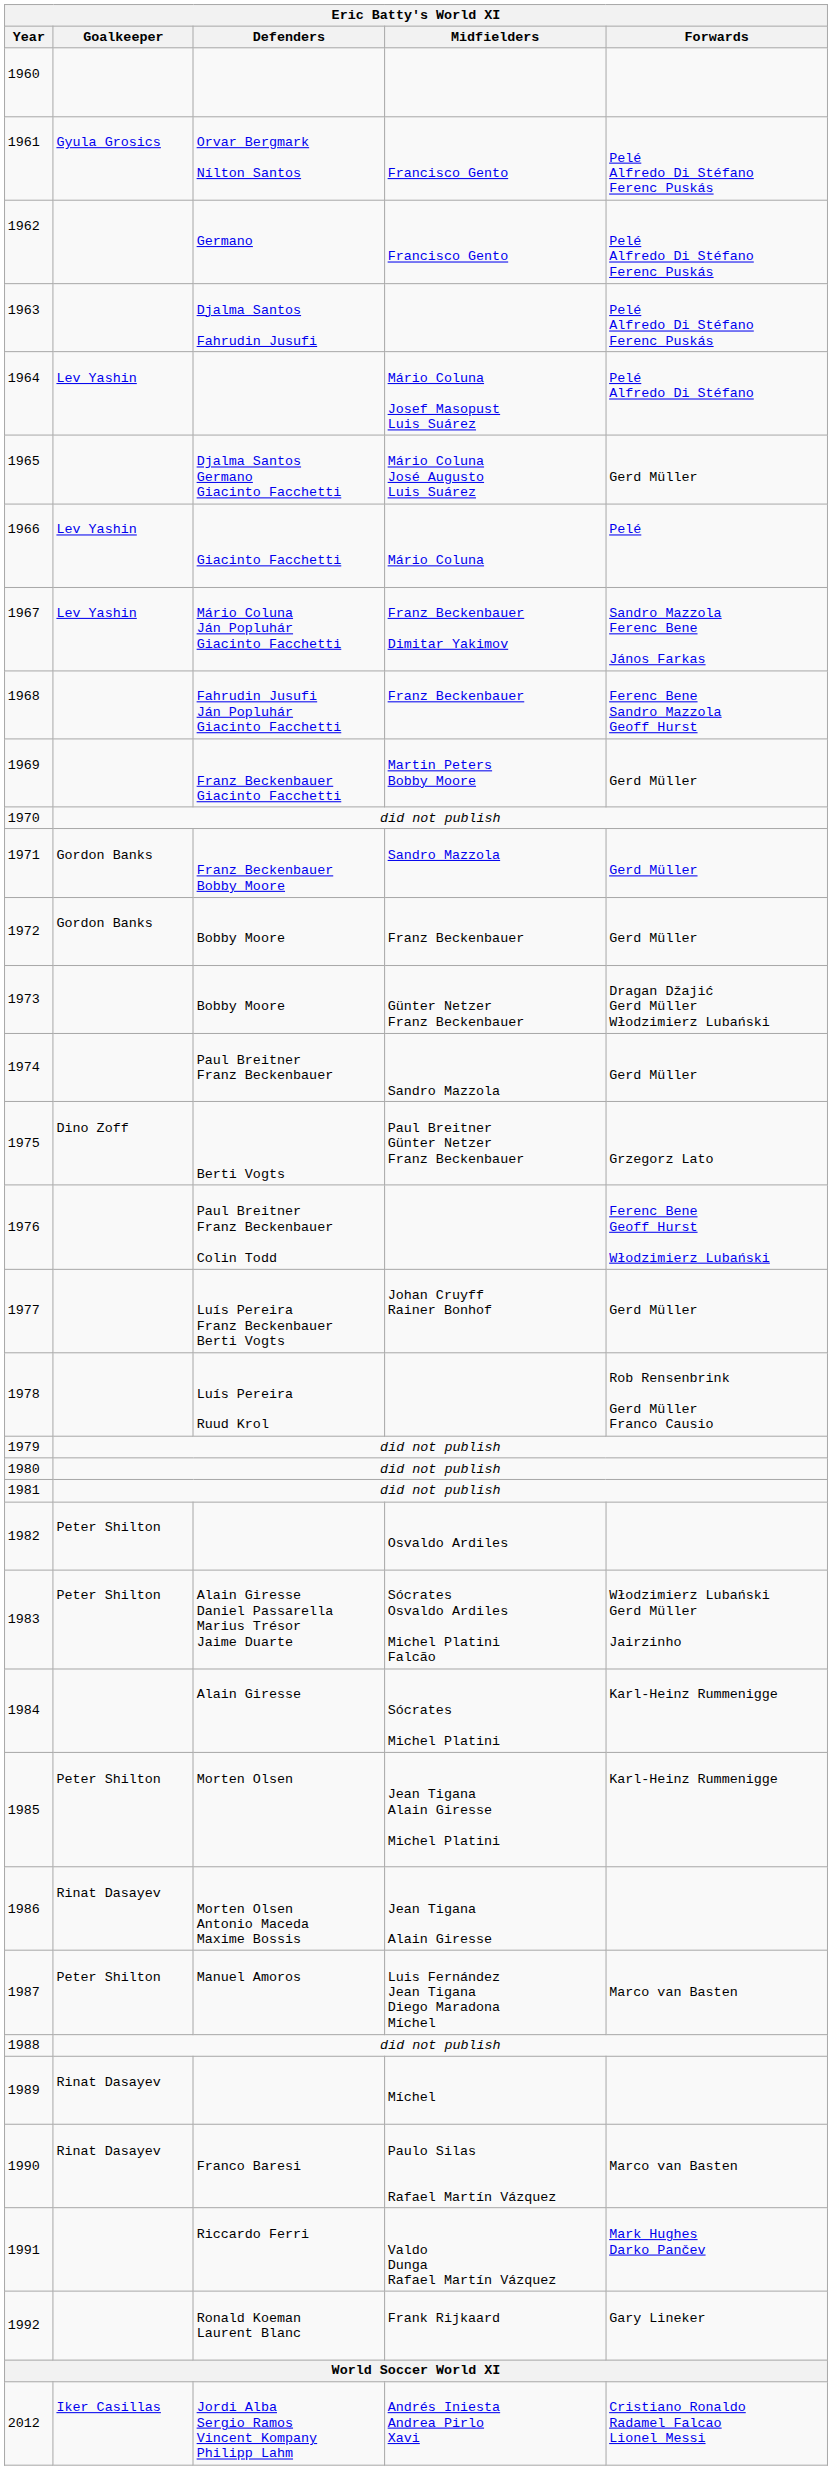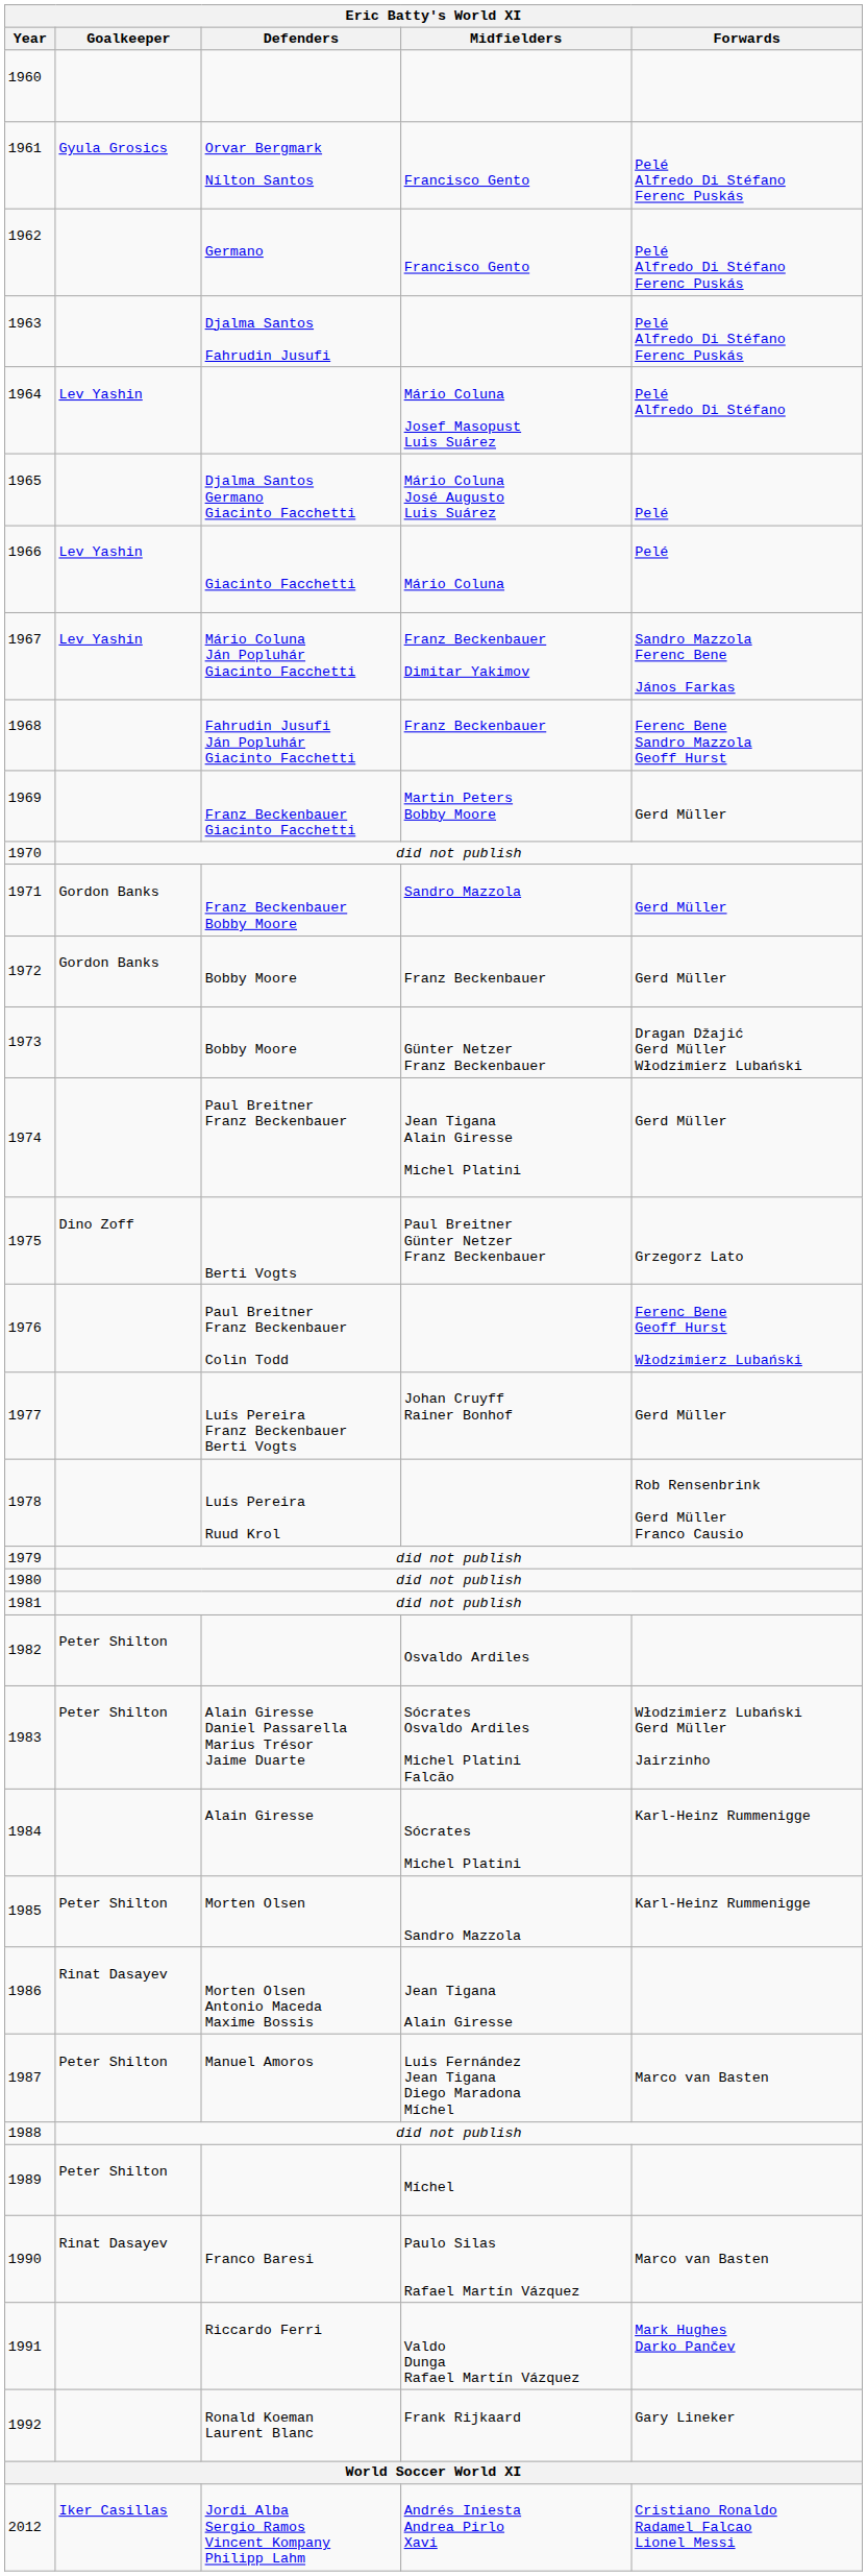 <table class="wikitable" width="800">
 <tr>
 <th colspan="5">Eric Batty's World XI</th>
 </tr>
 <tr>
 <th>Year</th>
 <th>Goalkeeper</th>
 <th>Defenders</th>
 <th>Midfielders</th>
 <th>Forwards</th>
 </tr>
 <tr>
 <td style="vertical-align:top"><br>1960</td>
 <td style="vertical-align:top"><br></td>
 <td style="vertical-align:top"><br><br> <br> </td>
 <td style="vertical-align:top"><br><br> <br> <br> </td>
 <td style="vertical-align:top"><br><br> <br> <br></td>
 </tr>
 <tr>
 <td style="vertical-align:top"><br>1961</td>
 <td style="vertical-align:top"><br> <a href='#'>Gyula Grosics</a></td>
 <td style="vertical-align:top"><br> <a href='#'>Orvar Bergmark</a><br> <br>  <a href='#'>Nílton Santos</a></td>
 <td style="vertical-align:top"><br><br> <br>  <a href='#'>Francisco Gento</a></td>
 <td style="vertical-align:top"><br><br>  <a href='#'>Pelé</a><br>  <a href='#'>Alfredo Di Stéfano</a><br>  <a href='#'>Ferenc Puskás</a><br></td>
 </tr>
 <tr>
 <td style="vertical-align:top"><br>1962</td>
 <td style="vertical-align:top"><br></td>
 <td style="vertical-align:top"><br><br>  <a href='#'>Germano</a><br> </td>
 <td style="vertical-align:top"><br><br> <br>  <a href='#'>Francisco Gento</a></td>
 <td style="vertical-align:top"><br><br>  <a href='#'>Pelé</a><br>  <a href='#'>Alfredo Di Stéfano</a><br>  <a href='#'>Ferenc Puskás</a><br></td>
 </tr>
 <tr>
 <td style="vertical-align:top"><br>1963</td>
 <td style="vertical-align:top"><br></td>
 <td style="vertical-align:top"><br> <a href='#'>Djalma Santos</a><br> <br>  <a href='#'>Fahrudin Jusufi</a></td>
 <td style="vertical-align:top"><br><br> <br> <br> </td>
 <td style="vertical-align:top"><br> <a href='#'>Pelé</a><br>  <a href='#'>Alfredo Di Stéfano</a><br>  <a href='#'>Ferenc Puskás</a><br></td>
 </tr>
 <tr>
 <td style="vertical-align:top"><br>1964</td>
 <td style="vertical-align:top"><br> <a href='#'>Lev Yashin</a></td>
 <td style="vertical-align:top"><br><br> <br> </td>
 <td style="vertical-align:top"><br> <a href='#'>Mário Coluna</a><br> <br>  <a href='#'>Josef Masopust</a><br>  <a href='#'>Luis Suárez</a><br></td>
 <td style="vertical-align:top"><br> <a href='#'>Pelé</a><br>  <a href='#'>Alfredo Di Stéfano</a><br> <br></td>
 </tr>
 <tr>
 <td style="vertical-align:top"><br>1965</td>
 <td style="vertical-align:top"><br></td>
 <td style="vertical-align:top"><br> <a href='#'>Djalma Santos</a><br>  <a href='#'>Germano</a><br>  <a href='#'>Giacinto Facchetti</a><br> </td>
 <td style="vertical-align:top"><br> <a href='#'>Mário Coluna</a><br>  <a href='#'>José Augusto</a><br>  <a href='#'>Luis Suárez</a> <br></td>
-<td style="vertical-align:top"><br><br>  Gerd Müller<br> </td>
+<td style="vertical-align:top"><br><br> <br>  <a href='#'>Pelé</a></td>
 </tr>
 <tr>
 <td style="vertical-align:top"><br>1966</td>
 <td style="vertical-align:top"><br> <a href='#'>Lev Yashin</a></td>
 <td style="vertical-align:top"><br><br> <br>  <a href='#'>Giacinto Facchetti</a></td>
 <td style="vertical-align:top"><br><br> <br>  <a href='#'>Mário Coluna</a><br> <br></td>
 <td style="vertical-align:top"><br> <a href='#'>Pelé</a><br> <br> <br></td>
 </tr>
 <tr>
 <td style="vertical-align:top"><br>1967</td>
 <td style="vertical-align:top"><br> <a href='#'>Lev Yashin</a></td>
 <td style="vertical-align:top"><br> <a href='#'>Mário Coluna</a><br>  <a href='#'>Ján Popluhár</a><br>  <a href='#'>Giacinto Facchetti</a><br></td>
 <td style="vertical-align:top"><br> <a href='#'>Franz Beckenbauer</a><br> <br>  <a href='#'>Dimitar Yakimov</a></td>
 <td style="vertical-align:top"><br> <a href='#'>Sandro Mazzola</a><br>  <a href='#'>Ferenc Bene</a><br> <br>  <a href='#'>János Farkas</a><br></td>
 </tr>
 <tr>
 <td style="vertical-align:top"><br>1968</td>
 <td style="vertical-align:top"><br></td>
 <td style="vertical-align:top"><br> <a href='#'>Fahrudin Jusufi</a><br>  <a href='#'>Ján Popluhár</a><br>  <a href='#'>Giacinto Facchetti</a></td>
 <td style="vertical-align:top"><br> <a href='#'>Franz Beckenbauer</a><br> <br> </td>
 <td style="vertical-align:top"><br> <a href='#'>Ferenc Bene</a><br>  <a href='#'>Sandro Mazzola</a><br>  <a href='#'>Geoff Hurst</a><br> </td>
 </tr>
 <tr>
 <td style="vertical-align:top"><br>1969</td>
 <td style="vertical-align:top"><br></td>
 <td style="vertical-align:top"><br><br>  <a href='#'>Franz Beckenbauer</a><br>  <a href='#'>Giacinto Facchetti</a></td>
 <td style="vertical-align:top"><br> <a href='#'>Martin Peters</a><br>  <a href='#'>Bobby Moore</a><br> </td>
 <td style="vertical-align:top"><br><br>  Gerd Müller<br> </td>
 </tr>
 <tr>
 <td>1970</td>
 <td colspan="4" style="text-align:center"><em>did not publish</em></td>
 </tr>
 <tr>
 <td style="vertical-align:top"><br>1971</td>
 <td style="vertical-align:top"><br> Gordon Banks</td>
 <td style="vertical-align:top"><br><br>  <a href='#'>Franz Beckenbauer</a><br>  <a href='#'>Bobby Moore</a><br> </td>
 <td style="vertical-align:top"><br> <a href='#'>Sandro Mazzola</a><br> <br> </td>
 <td style="vertical-align:top"><br><br>  <a href='#'>Gerd Müller</a><br> </td>
 </tr>
 <tr>
 <td>1972</td>
 <td style="vertical-align:top"><br> Gordon Banks</td>
 <td style="vertical-align:top"><br><br>  Bobby Moore<br> <br> </td>
 <td style="vertical-align:top"><br><br>  Franz Beckenbauer</td>
 <td style="vertical-align:top"><br><br>  Gerd Müller<br> </td>
 </tr>
 <tr>
 <td>1973</td>
 <td style="vertical-align:top"><br></td>
 <td style="vertical-align:top"><br><br>  Bobby Moore<br> <br> </td>
 <td style="vertical-align:top"><br><br>  Günter Netzer<br>  Franz Beckenbauer</td>
 <td style="vertical-align:top"><br> Dragan Džajić<br>  Gerd Müller<br>  Włodzimierz Lubański</td>
 </tr>
 <tr>
 <td>1974</td>
 <td style="vertical-align:top"><br></td>
 <td style="vertical-align:top"><br> Paul Breitner<br>  Franz Beckenbauer<br> <br> </td>
-<td style="vertical-align:top"><br><br> <br>  Sandro Mazzola</td>
+<td style="vertical-align:top"><br><br>  Jean Tigana<br>  Alain Giresse<br> <br>  Michel Platini<br> <br> </td>
 <td style="vertical-align:top"><br><br>  Gerd Müller<br> </td>
 </tr>
 <tr>
 <td>1975</td>
 <td style="vertical-align:top"><br> Dino Zoff</td>
 <td style="vertical-align:top"><br><br> <br> <br>  Berti Vogts</td>
 <td style="vertical-align:top"><br> Paul Breitner<br>  Günter Netzer<br>  Franz Beckenbauer</td>
 <td style="vertical-align:top"><br><br> <br>  Grzegorz Lato</td>
 </tr>
 <tr>
 <td>1976</td>
 <td style="vertical-align:top"><br></td>
 <td style="vertical-align:top"><br> Paul Breitner<br>  Franz Beckenbauer<br> <br>  Colin Todd</td>
 <td style="vertical-align:top"><br><br> <br> </td>
 <td style="vertical-align:top"><br> <a href='#'>Ferenc Bene</a><br>  <a href='#'>Geoff Hurst</a><br> <br>  <a href='#'>Włodzimierz Lubański</a></td>
 </tr>
 <tr>
 <td>1977</td>
 <td style="vertical-align:top"><br></td>
 <td style="vertical-align:top"><br><br>  Luís Pereira<br>  Franz Beckenbauer<br>  Berti Vogts</td>
 <td style="vertical-align:top"><br> Johan Cruyff<br>  Rainer Bonhof<br> </td>
 <td style="vertical-align:top"><br><br>  Gerd Müller<br> </td>
 </tr>
 <tr>
 <td>1978</td>
 <td style="vertical-align:top"><br></td>
 <td style="vertical-align:top"><br><br>  Luís Pereira<br> <br>  Ruud Krol</td>
 <td style="vertical-align:top"><br><br> </td>
 <td style="vertical-align:top"><br> Rob Rensenbrink<br> <br>  Gerd Müller<br>  Franco Causio</td>
 </tr>
 <tr>
 <td>1979</td>
 <td colspan="4" style="text-align:center"><em>did not publish</em></td>
 </tr>
 <tr>
 <td>1980</td>
 <td colspan="4" style="text-align:center"><em>did not publish</em></td>
 </tr>
 <tr>
 <td>1981</td>
 <td colspan="4" style="text-align:center"><em>did not publish</em></td>
 </tr>
 <tr>
 <td>1982</td>
 <td style="vertical-align:top"><br> Peter Shilton</td>
 <td style="vertical-align:top"><br><br> <br> <br> </td>
 <td style="vertical-align:top"><br><br>  Osvaldo Ardiles<br> <br> </td>
 <td style="vertical-align:top"><br><br> </td>
 </tr>
 <tr>
 <td>1983</td>
 <td style="vertical-align:top"><br> Peter Shilton</td>
 <td style="vertical-align:top"><br> Alain Giresse<br>  Daniel Passarella<br>  Marius Trésor<br>  Jaime Duarte</td>
 <td style="vertical-align:top"><br> Sócrates<br>  Osvaldo Ardiles<br> <br>  Michel Platini<br>  Falcão</td>
 <td style="vertical-align:top"><br> Włodzimierz Lubański<br>  Gerd Müller<br> <br>  Jairzinho</td>
 </tr>
 <tr>
 <td>1984</td>
 <td style="vertical-align:top"><br></td>
 <td style="vertical-align:top"><br> Alain Giresse<br> <br> </td>
 <td style="vertical-align:top"><br><br>  Sócrates<br> <br>  Michel Platini<br> </td>
 <td style="vertical-align:top"><br> Karl-Heinz Rummenigge<br> </td>
 </tr>
 <tr>
 <td>1985</td>
 <td style="vertical-align:top"><br> Peter Shilton</td>
 <td style="vertical-align:top"><br> Morten Olsen<br> </td>
-<td style="vertical-align:top"><br><br>  Jean Tigana<br>  Alain Giresse<br> <br>  Michel Platini<br> <br> </td>
+<td style="vertical-align:top"><br><br> <br>  Sandro Mazzola</td>
 <td style="vertical-align:top"><br> Karl-Heinz Rummenigge</td>
 </tr>
 <tr>
 <td>1986</td>
 <td style="vertical-align:top"><br> Rinat Dasayev</td>
 <td style="vertical-align:top"><br><br>  Morten Olsen<br>  Antonio Maceda<br>  Maxime Bossis</td>
 <td style="vertical-align:top"><br><br>  Jean Tigana<br> <br>  Alain Giresse<br> </td>
 <td style="vertical-align:top"><br></td>
 </tr>
 <tr>
 <td>1987</td>
 <td style="vertical-align:top"><br> Peter Shilton</td>
 <td style="vertical-align:top"><br> Manuel Amoros<br> <br> <br> </td>
 <td style="vertical-align:top"><br> Luis Fernández<br>  Jean Tigana<br>  Diego Maradona<br>  Míchel</td>
 <td style="vertical-align:top"><br><br>  Marco van Basten<br> </td>
 </tr>
 <tr>
 <td>1988</td>
 <td colspan="4" style="text-align:center"><em>did not publish</em></td>
 </tr>
 <tr>
 <td>1989</td>
-<td style="vertical-align:top"><br> Rinat Dasayev</td>
+<td style="vertical-align:top"><br> Peter Shilton</td>
 <td style="vertical-align:top"><br><br> <br> <br> </td>
 <td style="vertical-align:top"><br><br>  Míchel<br> <br> </td>
 <td style="vertical-align:top"><br><br> </td>
 </tr>
 <tr>
 <td>1990</td>
 <td style="vertical-align:top"><br> Rinat Dasayev</td>
 <td style="vertical-align:top"><br><br>  Franco Baresi<br> <br> </td>
 <td style="vertical-align:top"><br> Paulo Silas<br> <br> <br>  Rafael Martín Vázquez</td>
 <td style="vertical-align:top"><br><br>  Marco van Basten</td>
 </tr>
 <tr>
 <td>1991</td>
 <td style="vertical-align:top"><br></td>
 <td style="vertical-align:top"><br> Riccardo Ferri<br> <br> </td>
 <td style="vertical-align:top"><br><br>  Valdo<br>  Dunga<br>  Rafael Martín Vázquez<br> </td>
 <td style="vertical-align:top"><br> <a href='#'>Mark Hughes</a><br>  <a href='#'>Darko Pančev</a></td>
 </tr>
 <tr>
 <td>1992</td>
 <td style="vertical-align:top"><br></td>
 <td style="vertical-align:top"><br> Ronald Koeman<br>  Laurent Blanc<br> <br> </td>
 <td style="vertical-align:top"><br> Frank Rijkaard<br> <br> </td>
 <td style="vertical-align:top"><br> Gary Lineker<br> </td>
 </tr>
 <tr>
 <th colspan="5">World Soccer World XI</th>
 </tr>
 <tr>
 <td>2012</td>
 <td valign=top><br> <a href='#'>Iker Casillas</a></td>
 <td valign=top><br> <a href='#'>Jordi Alba</a> <br>  <a href='#'>Sergio Ramos</a> <br>  <a href='#'>Vincent Kompany</a> <br>  <a href='#'>Philipp Lahm</a></td>
 <td valign=top><br> <a href='#'>Andrés Iniesta</a> <br>  <a href='#'>Andrea Pirlo</a> <br>  <a href='#'>Xavi</a></td>
 <td valign=top><br> <a href='#'>Cristiano Ronaldo</a> <br>  <a href='#'>Radamel Falcao</a> <br>  <a href='#'>Lionel Messi</a></td>
 </tr>
 </table>
